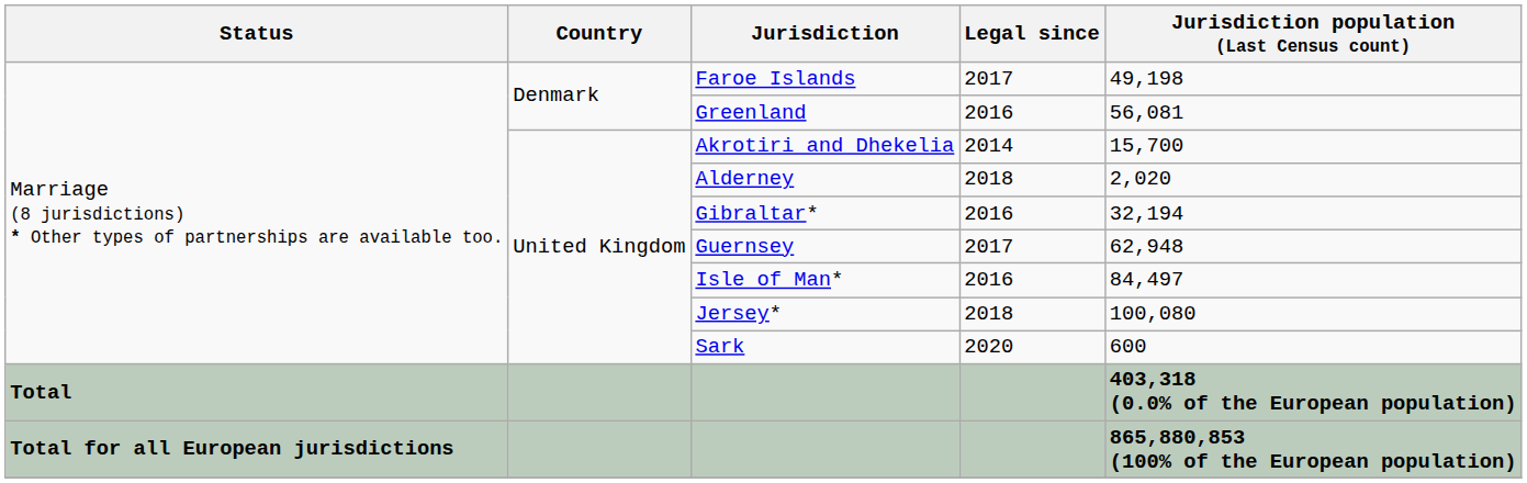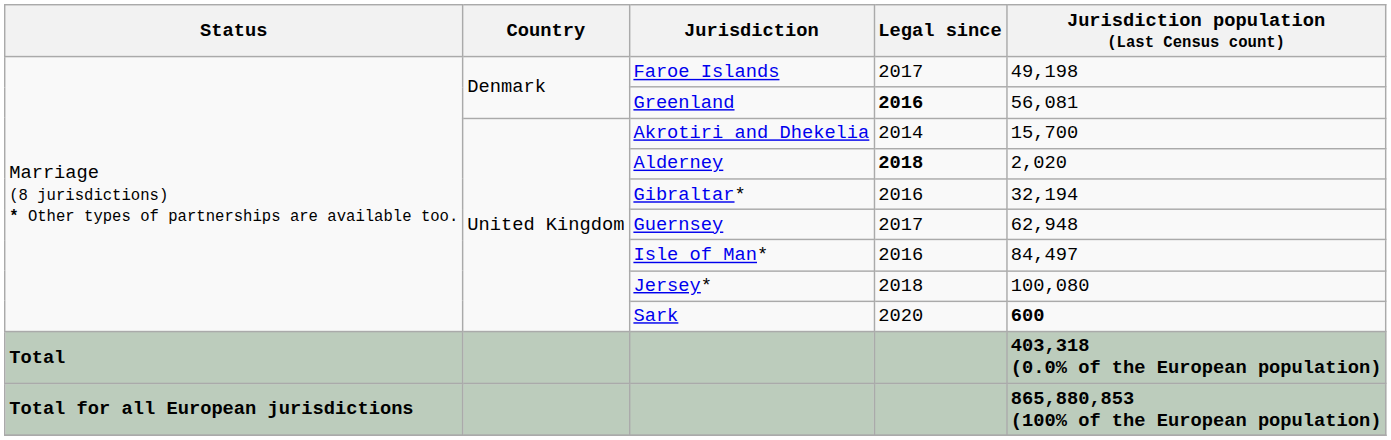 <table class="wikitable" style="width:sortable%">
 <tr>
 <th>Status</th>
 <th>Country</th>
 <th>Jurisdiction</th>
 <th>Legal since</th>
 <th>Jurisdiction population<br><small>(Last Census count)</small></th>
 </tr>
 <tr>
 <td rowspan="9">Marriage <br><small>(8 jurisdictions)<br> <strong>*</strong> Other types of partnerships are available too.<br></small></td>
 <td rowspan="2"> Denmark</td>
 <td> <a href='#'>Faroe Islands</a></td>
 <td>2017</td>
 <td>49,198</td>
 </tr>
 <tr>
 <td> <a href='#'>Greenland</a></td>
-<td>2016</td>
+<td><strong>2016</strong></td>
 <td>56,081</td>
 </tr>
 <tr>
 <td rowspan="7"> United Kingdom</td>
 <td> <a href='#'>Akrotiri and Dhekelia</a></td>
 <td>2014</td>
 <td>15,700</td>
 </tr>
 <tr>
 <td> <a href='#'>Alderney</a></td>
-<td>2018</td>
+<td><strong>2018</strong></td>
 <td>2,020</td>
 </tr>
 <tr>
 <td> <a href='#'>Gibraltar</a>*</td>
 <td>2016</td>
 <td>32,194</td>
 </tr>
 <tr>
 <td> <a href='#'>Guernsey</a></td>
 <td>2017</td>
 <td>62,948</td>
 </tr>
 <tr>
 <td> <a href='#'>Isle of Man</a>*</td>
 <td>2016</td>
 <td>84,497</td>
 </tr>
 <tr>
 <td> <a href='#'>Jersey</a>*</td>
 <td>2018</td>
 <td>100,080</td>
 </tr>
 <tr>
 <td> <a href='#'>Sark</a></td>
 <td>2020</td>
-<td>600</td>
+<td><strong>600</strong></td>
 </tr>
 <tr class="sortbottom" style="background:#bcccbc;">
 <td><strong>Total</strong></td>
 <td></td>
 <td></td>
 <td></td>
 <td><strong>403,318<br> (0.0% of the European population)</strong><br></td>
 </tr>
 <tr class="sortbottom" style="background:#bcccbc;">
 <td><strong>Total for all European jurisdictions</strong></td>
 <td></td>
 <td></td>
 <td></td>
 <td><strong>865,880,853<br>(100% of the European population)</strong><br></td>
 </tr>
 <tr>
 </tr>
 </table>
